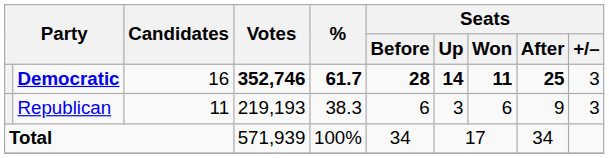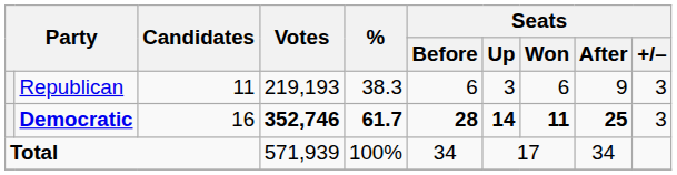 <table class="wikitable">
 <tr>
 <th rowspan="2" colspan="2">Party</th>
 <th rowspan="2">Candidates</th>
 <th rowspan="2">Votes</th>
 <th rowspan="2">%</th>
 <th colspan="5">Seats</th>
 </tr>
 <tr>
 <th>Before<br></th>
 <th>Up</th>
 <th>Won</th>
 <th>After<br></th>
 <th>+/–</th>
 </tr>
 <tr>
 <th style="background-color:"></th>
+<td><a href='#'>Republican</a></td>
+<td align="right">11</td>
+<td align="right">219,193</td>
+<td align="right">38.3</td>
+<td align="right">6</td>
+<td align="right">3</td>
+<td align="right">6</td>
+<td align="right">9</td>
+<td align="right"> 3</td>
+</tr>
+<tr>
+<th style="background-color:"></th>
 <td><strong><a href='#'>Democratic</a></strong></td>
 <td align="right">16</td>
 <td align="right"><strong>352,746</strong></td>
 <td align="right"><strong>61.7</strong></td>
 <td align="right"><strong>28</strong></td>
 <td align="right"><strong>14</strong></td>
 <td align="right"><strong>11</strong></td>
 <td align="right"><strong>25</strong></td>
-<td align="right"> 3</td>
-</tr>
-<tr>
-<th style="background-color:"></th>
-<td><a href='#'>Republican</a></td>
-<td align="right">11</td>
-<td align="right">219,193</td>
-<td align="right">38.3</td>
-<td align="right">6</td>
-<td align="right">3</td>
-<td align="right">6</td>
-<td align="right">9</td>
 <td align="right"> 3</td>
 </tr>
 <tr>
 <td colspan="3"><strong>Total</strong></td>
 <td align="right">571,939</td>
 <td align="right">100%</td>
 <td align="center">34</td>
 <td colspan="2" align="center">17</td>
 <td align="center">34</td>
 <td align="right"></td>
 </tr>
 <tr>
 </tr>
 </table>
